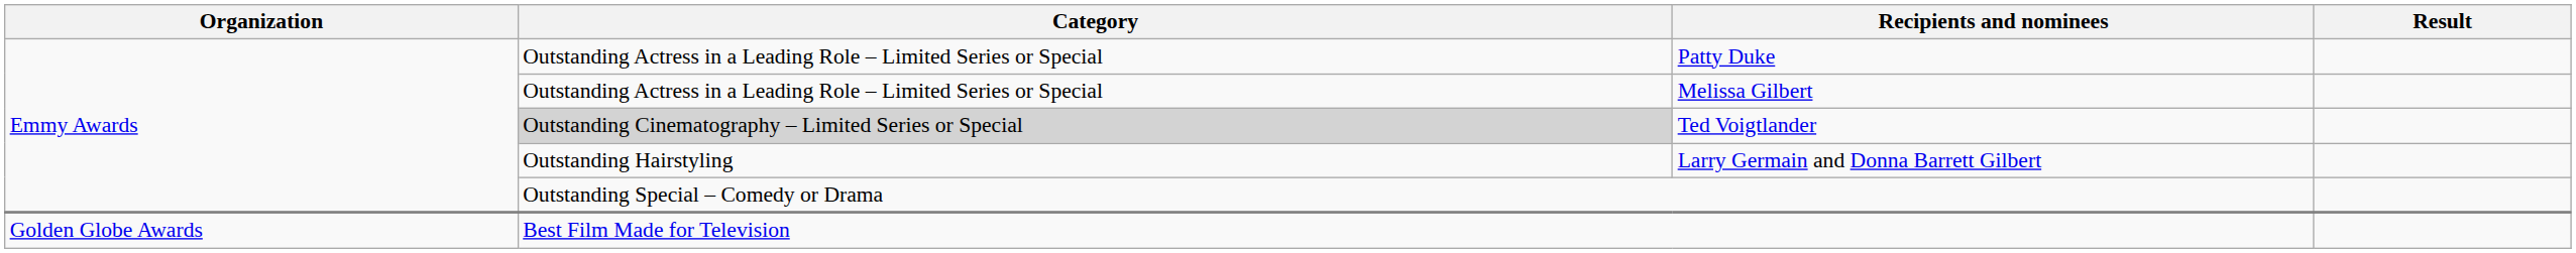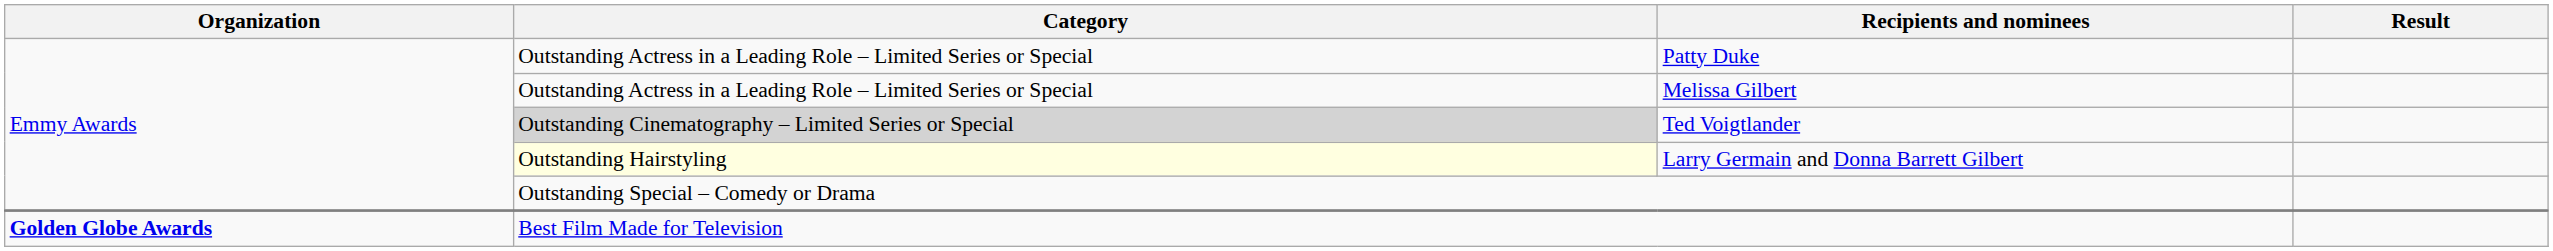 <table class="wikitable" width="95%" cellpadding="5">
 <tr>
 <th width="20%">Organization</th>
 <th width="45%">Category</th>
 <th width="25%">Recipients and nominees</th>
 <th width="10%">Result</th>
 </tr>
 <tr>
 <td rowspan=5><a href='#'>Emmy Awards</a></td>
 <td>Outstanding Actress in a Leading Role – Limited Series or Special</td>
 <td><a href='#'>Patty Duke</a></td>
 <td></td>
 </tr>
 <tr>
 <td>Outstanding Actress in a Leading Role – Limited Series or Special</td>
 <td><a href='#'>Melissa Gilbert</a></td>
 <td></td>
 </tr>
 <tr>
 <td style="background: lightgrey;">Outstanding Cinematography – Limited Series or Special</td>
 <td><a href='#'>Ted Voigtlander</a></td>
 <td></td>
 </tr>
 <tr>
-<td>Outstanding Hairstyling</td>
+<td style="background: lightyellow;">Outstanding Hairstyling</td>
 <td><a href='#'>Larry Germain</a> and <a href='#'>Donna Barrett Gilbert</a></td>
 <td></td>
 </tr>
 <tr>
 <td colspan="2">Outstanding Special – Comedy or Drama</td>
 <td></td>
 </tr>
 <tr style="border-top:2px solid gray;">
-<td><a href='#'>Golden Globe Awards</a></td>
+<td><strong><a href='#'>Golden Globe Awards</a></strong></td>
 <td colspan="2"><a href='#'>Best Film Made for Television</a></td>
 <td></td>
 </tr>
 </table>
